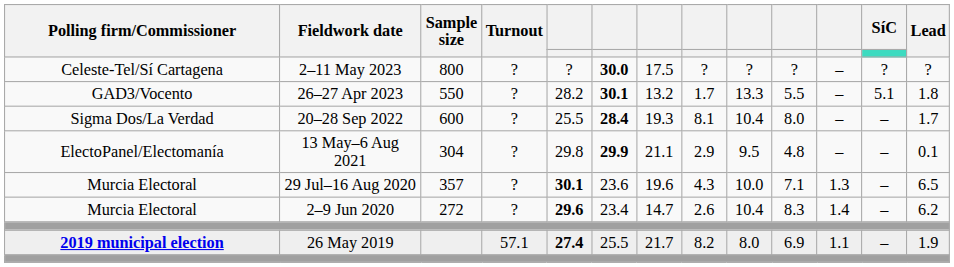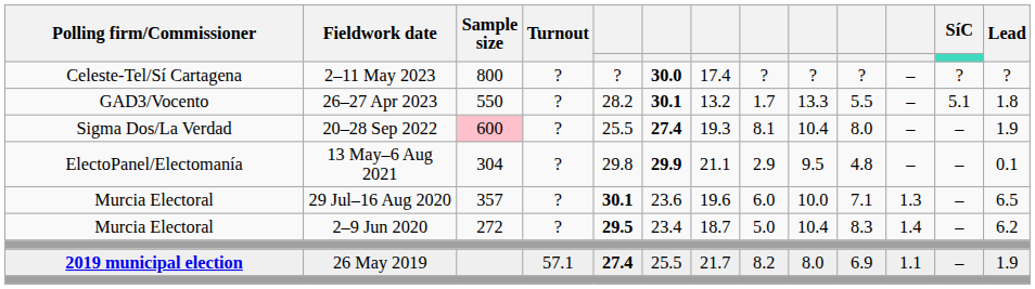 <table class="wikitable collapsible collapsed" style="text-align:center; font-size:95%; line-height:16px;">
 <tr style="height:42px;">
 <th style="width:250px;" rowspan="2">Polling firm/Commissioner</th>
 <th style="width:125px;" rowspan="2">Fieldwork date</th>
 <th style="width:50px;" rowspan="2">Sample size</th>
 <th style="width:45px;" rowspan="2">Turnout</th>
 <th style="width:35px;"></th>
 <th style="width:35px;"></th>
 <th style="width:35px;"></th>
 <th style="width:35px;"></th>
 <th style="width:35px;"></th>
 <th style="width:35px;"></th>
 <th style="width:35px;"></th>
 <th style="width:35px;">SíC</th>
 <th style="width:30px;" rowspan="2">Lead</th>
 </tr>
 <tr>
 <th style="color:inherit;background:"></th>
 <th style="color:inherit;background:"></th>
 <th style="color:inherit;background:"></th>
 <th style="color:inherit;background:"></th>
 <th style="color:inherit;background:"></th>
 <th style="color:inherit;background:"></th>
 <th style="color:inherit;background:"></th>
 <th style="color:inherit;background:#3CDBC0;"></th>
 </tr>
 <tr>
 <td>Celeste-Tel/Sí Cartagena</td>
 <td>2–11 May 2023</td>
 <td>800</td>
 <td>?</td>
 <td>?<br></td>
 <td><strong>30.0</strong><br></td>
-<td>17.5<br></td>
+<td>17.4<br></td>
 <td>?<br></td>
 <td>?<br></td>
 <td>?<br></td>
 <td>–</td>
 <td>?<br></td>
 <td style="background:">?</td>
 </tr>
 <tr>
 <td>GAD3/Vocento</td>
 <td>26–27 Apr 2023</td>
 <td>550</td>
 <td>?</td>
 <td>28.2<br></td>
 <td><strong>30.1</strong><br></td>
 <td>13.2<br></td>
 <td>1.7<br></td>
 <td>13.3<br></td>
 <td>5.5<br></td>
 <td>–</td>
 <td>5.1<br></td>
 <td style="background:">1.8</td>
 </tr>
 <tr>
 <td>Sigma Dos/La Verdad</td>
 <td>20–28 Sep 2022</td>
-<td>600</td>
+<td style="background: pink;">600</td>
 <td>?</td>
 <td>25.5<br></td>
-<td><strong>28.4</strong><br></td>
+<td><strong>27.4</strong><br></td>
 <td>19.3<br></td>
 <td>8.1<br></td>
 <td>10.4<br></td>
 <td>8.0<br></td>
 <td>–</td>
 <td>–</td>
-<td style="background:">1.7</td>
+<td style="background:">1.9</td>
 </tr>
 <tr>
 <td>ElectoPanel/Electomanía</td>
 <td>13 May–6 Aug 2021</td>
 <td>304</td>
 <td>?</td>
 <td>29.8<br></td>
 <td><strong>29.9</strong><br></td>
 <td>21.1<br></td>
 <td>2.9<br></td>
 <td>9.5<br></td>
 <td>4.8<br></td>
 <td>–</td>
 <td>–</td>
 <td style="background:">0.1</td>
 </tr>
 <tr>
 <td>Murcia Electoral</td>
 <td>29 Jul–16 Aug 2020</td>
 <td>357</td>
 <td>?</td>
 <td><strong>30.1</strong><br></td>
 <td>23.6<br></td>
 <td>19.6<br></td>
-<td>4.3<br></td>
+<td>6.0<br></td>
 <td>10.0<br></td>
 <td>7.1<br></td>
 <td>1.3<br></td>
 <td>–</td>
 <td style="background:">6.5</td>
 </tr>
 <tr>
 <td>Murcia Electoral</td>
 <td>2–9 Jun 2020</td>
 <td>272</td>
 <td>?</td>
-<td><strong>29.6</strong><br></td>
+<td><strong>29.5</strong><br></td>
 <td>23.4<br></td>
-<td>14.7<br></td>
-<td>2.6<br></td>
+<td>18.7<br></td>
+<td>5.0<br></td>
 <td>10.4<br></td>
 <td>8.3<br></td>
 <td>1.4<br></td>
 <td>–</td>
 <td style="background:">6.2</td>
 </tr>
 <tr>
 <td colspan="14" style="background:#A0A0A0"></td>
 </tr>
 <tr style="background:#EFEFEF;">
 <td><strong><a href='#'>2019 municipal election</a></strong></td>
 <td>26 May 2019</td>
 <td></td>
 <td>57.1</td>
 <td><strong>27.4</strong><br></td>
 <td>25.5<br></td>
 <td>21.7<br></td>
 <td>8.2<br></td>
 <td>8.0<br></td>
 <td>6.9<br></td>
 <td>1.1<br></td>
 <td>–</td>
 <td style="background:">1.9</td>
 </tr>
 <tr>
 <td colspan="14" style="background:#A0A0A0"></td>
 </tr>
 </table>
